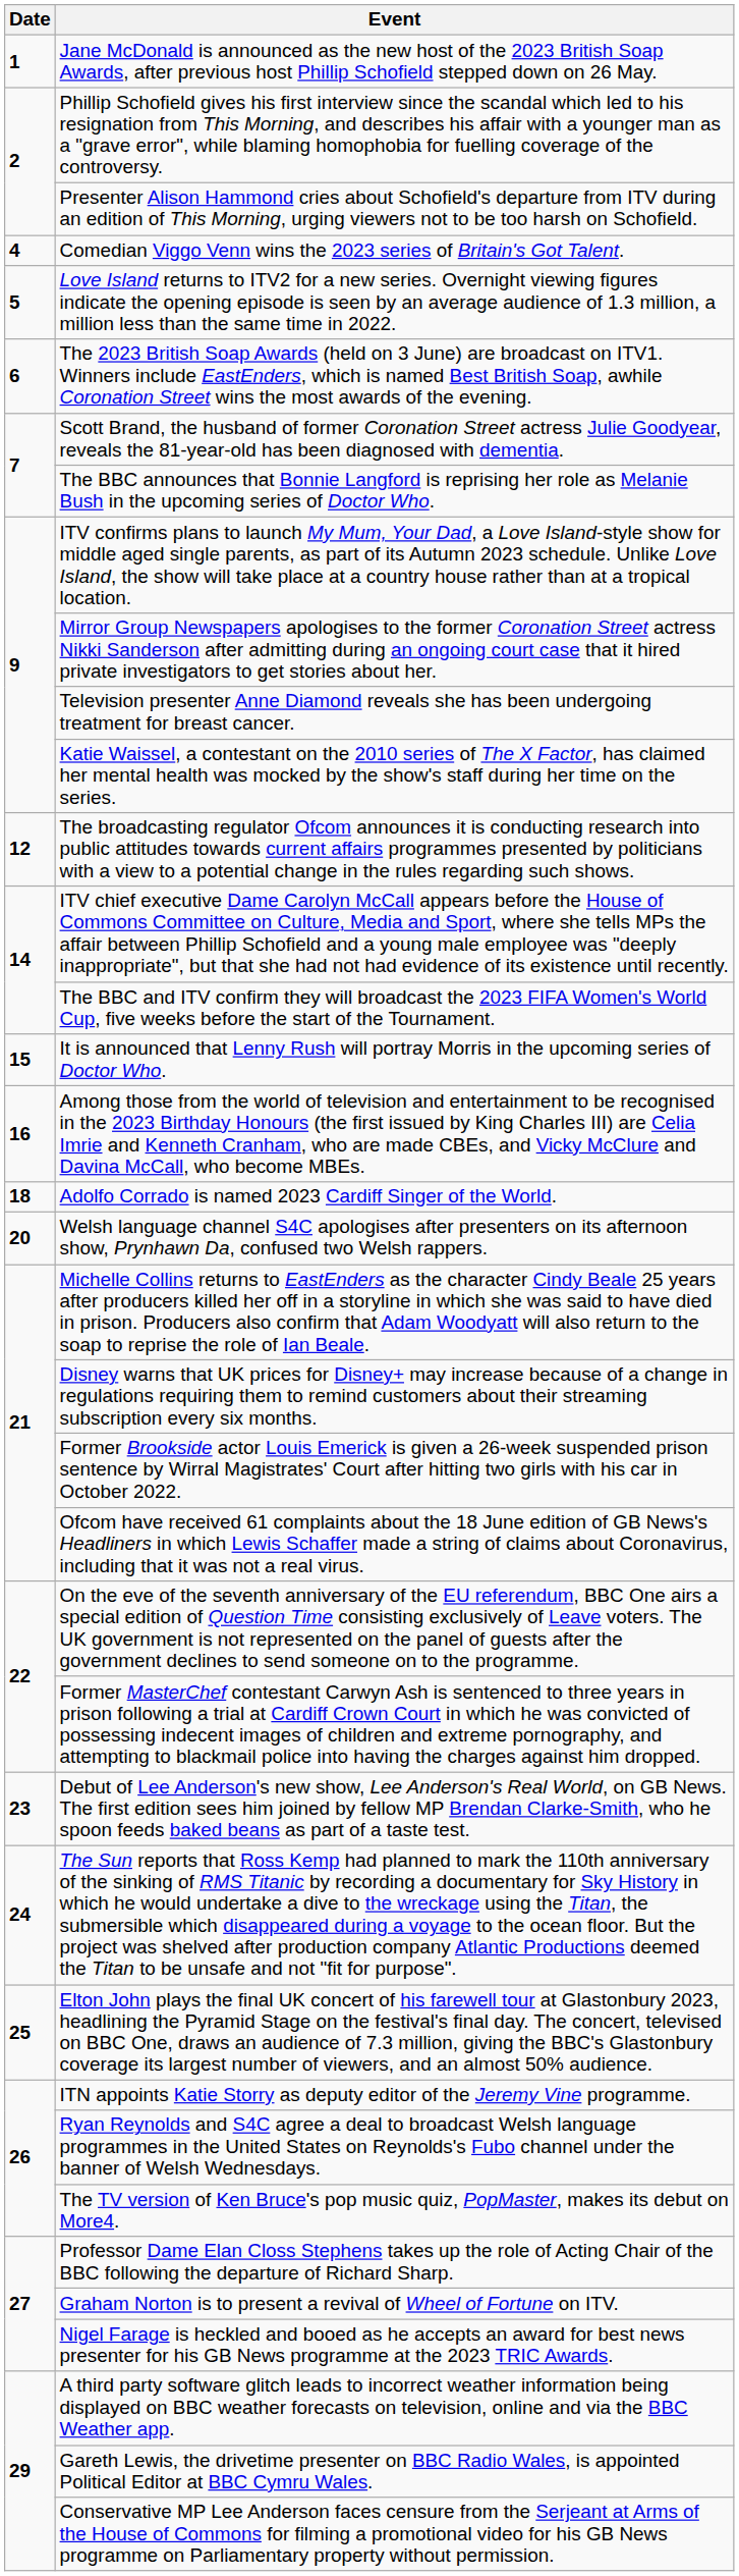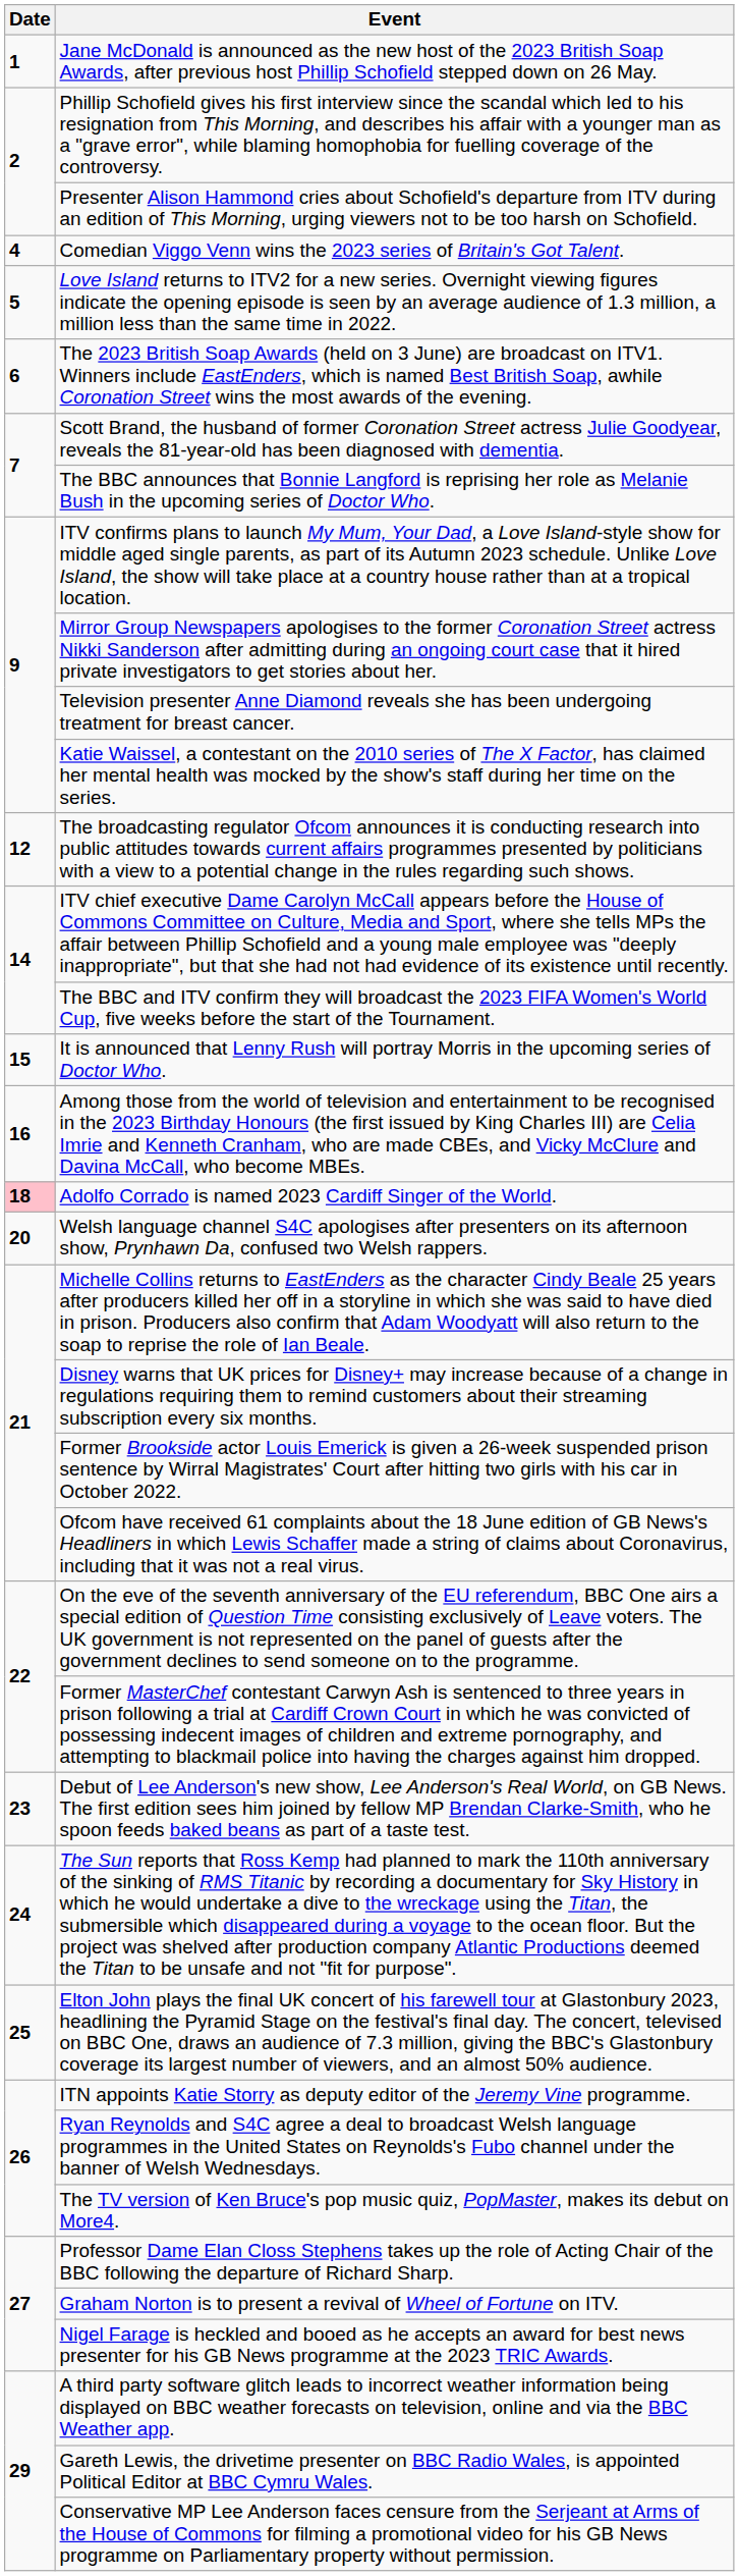 <table class="wikitable">
 <tr>
 <th>Date</th>
 <th>Event</th>
 </tr>
 <tr>
 <td><strong>1</strong></td>
 <td><a href='#'>Jane McDonald</a> is announced as the new host of the <a href='#'>2023 British Soap Awards</a>, after previous host <a href='#'>Phillip Schofield</a> stepped down on 26 May.</td>
 </tr>
 <tr>
 <td rowspan=2><strong>2</strong></td>
 <td>Phillip Schofield gives his first interview since the scandal which led to his resignation from <em>This Morning</em>, and describes his affair with a younger man as a "grave error", while blaming homophobia for fuelling coverage of the controversy.</td>
 </tr>
 <tr>
 <td>Presenter <a href='#'>Alison Hammond</a> cries about Schofield's departure from ITV during an edition of <em>This Morning</em>, urging viewers not to be too harsh on Schofield.</td>
 </tr>
 <tr>
 <td><strong>4</strong></td>
 <td>Comedian <a href='#'>Viggo Venn</a> wins the <a href='#'>2023 series</a> of <em><a href='#'>Britain's Got Talent</a></em>.</td>
 </tr>
 <tr>
 <td><strong>5</strong></td>
 <td><em><a href='#'>Love Island</a></em> returns to ITV2 for a new series. Overnight viewing figures indicate the opening episode is seen by an average audience of 1.3 million, a million less than the same time in 2022.</td>
 </tr>
 <tr>
 <td><strong>6</strong></td>
 <td>The <a href='#'>2023 British Soap Awards</a> (held on 3 June) are broadcast on ITV1. Winners include <em><a href='#'>EastEnders</a></em>, which is named <a href='#'>Best British Soap</a>, awhile <em><a href='#'>Coronation Street</a></em> wins the most awards of the evening.</td>
 </tr>
 <tr>
 <td rowspan=2><strong>7</strong></td>
 <td>Scott Brand, the husband of former <em>Coronation Street</em> actress <a href='#'>Julie Goodyear</a>, reveals the 81-year-old has been diagnosed with <a href='#'>dementia</a>.</td>
 </tr>
 <tr>
 <td>The BBC announces that <a href='#'>Bonnie Langford</a> is reprising her role as <a href='#'>Melanie Bush</a> in the upcoming series of <em><a href='#'>Doctor Who</a></em>.</td>
 </tr>
 <tr>
 <td rowspan=4><strong>9</strong></td>
 <td>ITV confirms plans to launch <em><a href='#'>My Mum, Your Dad</a></em>, a <em>Love Island</em>-style show for middle aged single parents, as part of its Autumn 2023 schedule. Unlike <em>Love Island</em>, the show will take place at a country house rather than at a tropical location.</td>
 </tr>
 <tr>
 <td><a href='#'>Mirror Group Newspapers</a> apologises to the former <em><a href='#'>Coronation Street</a></em> actress <a href='#'>Nikki Sanderson</a> after admitting during <a href='#'>an ongoing court case</a> that it hired private investigators to get stories about her.</td>
 </tr>
 <tr>
 <td>Television presenter <a href='#'>Anne Diamond</a> reveals she has been undergoing treatment for breast cancer.</td>
 </tr>
 <tr>
 <td><a href='#'>Katie Waissel</a>, a contestant on the <a href='#'>2010 series</a> of <em><a href='#'>The X Factor</a></em>, has claimed her mental health was mocked by the show's staff during her time on the series.</td>
 </tr>
 <tr>
 <td><strong>12</strong></td>
 <td>The broadcasting regulator <a href='#'>Ofcom</a> announces it is conducting research into public attitudes towards <a href='#'>current affairs</a> programmes presented by politicians with a view to a potential change in the rules regarding such shows.</td>
 </tr>
 <tr>
 <td rowspan=2><strong>14</strong></td>
 <td>ITV chief executive <a href='#'>Dame Carolyn McCall</a> appears before the <a href='#'>House of Commons Committee on Culture, Media and Sport</a>, where she tells MPs the affair between Phillip Schofield and a young male employee was "deeply inappropriate", but that she had not had evidence of its existence until recently.</td>
 </tr>
 <tr>
 <td>The BBC and ITV confirm they will broadcast the <a href='#'>2023 FIFA Women's World Cup</a>, five weeks before the start of the Tournament.</td>
 </tr>
 <tr>
 <td><strong>15</strong></td>
 <td>It is announced that <a href='#'>Lenny Rush</a> will portray Morris in the upcoming series of <em><a href='#'>Doctor Who</a></em>.</td>
 </tr>
 <tr>
 <td><strong>16</strong></td>
 <td>Among those from the world of television and entertainment to be recognised in the <a href='#'>2023 Birthday Honours</a> (the first issued by King Charles III) are <a href='#'>Celia Imrie</a> and <a href='#'>Kenneth Cranham</a>, who are made CBEs, and <a href='#'>Vicky McClure</a> and <a href='#'>Davina McCall</a>, who become MBEs.</td>
 </tr>
 <tr>
-<td><strong>18</strong></td>
+<td style="background: pink;"><strong>18</strong></td>
 <td><a href='#'>Adolfo Corrado</a> is named 2023 <a href='#'>Cardiff Singer of the World</a>.</td>
 </tr>
 <tr>
 <td><strong>20</strong></td>
 <td>Welsh language channel <a href='#'>S4C</a> apologises after presenters on its afternoon show, <em>Prynhawn Da</em>, confused two Welsh rappers.</td>
 </tr>
 <tr>
 <td rowspan=4><strong>21</strong></td>
 <td><a href='#'>Michelle Collins</a> returns to <em><a href='#'>EastEnders</a></em> as the character <a href='#'>Cindy Beale</a> 25 years after producers killed her off in a storyline in which she was said to have died in prison. Producers also confirm that <a href='#'>Adam Woodyatt</a> will also return to the soap to reprise the role of <a href='#'>Ian Beale</a>.</td>
 </tr>
 <tr>
 <td><a href='#'>Disney</a> warns that UK prices for <a href='#'>Disney+</a> may increase because of a change in regulations requiring them to remind customers about their streaming subscription every six months.</td>
 </tr>
 <tr>
 <td>Former <em><a href='#'>Brookside</a></em> actor <a href='#'>Louis Emerick</a> is given a 26-week suspended prison sentence by Wirral Magistrates' Court after hitting two girls with his car in October 2022.</td>
 </tr>
 <tr>
 <td>Ofcom have received 61 complaints about the 18 June edition of GB News's <em>Headliners</em> in which <a href='#'>Lewis Schaffer</a> made a string of claims about Coronavirus, including that it was not a real virus.</td>
 </tr>
 <tr>
 <td rowspan=2><strong>22</strong></td>
 <td>On the eve of the seventh anniversary of the <a href='#'>EU referendum</a>, BBC One airs a special edition of <em><a href='#'>Question Time</a></em> consisting exclusively of <a href='#'>Leave</a> voters. The UK government is not represented on the panel of guests after the government declines to send someone on to the programme.</td>
 </tr>
 <tr>
 <td>Former <em><a href='#'>MasterChef</a></em> contestant Carwyn Ash is sentenced to three years in prison following a trial at <a href='#'>Cardiff Crown Court</a> in which he was convicted of possessing indecent images of children and extreme pornography, and attempting to blackmail police into having the charges against him dropped.</td>
 </tr>
 <tr>
 <td><strong>23</strong></td>
 <td>Debut of <a href='#'>Lee Anderson</a>'s new show, <em>Lee Anderson's Real World</em>, on GB News. The first edition sees him joined by fellow MP <a href='#'>Brendan Clarke-Smith</a>, who he spoon feeds <a href='#'>baked beans</a> as part of a taste test.</td>
 </tr>
 <tr>
 <td><strong>24</strong></td>
 <td><em><a href='#'>The Sun</a></em> reports that <a href='#'>Ross Kemp</a> had planned to mark the 110th anniversary of the sinking of <em><a href='#'>RMS Titanic</a></em> by recording a documentary for <a href='#'>Sky History</a> in which he would undertake a dive to <a href='#'>the wreckage</a> using the <em><a href='#'>Titan</a></em>, the submersible which <a href='#'>disappeared during a voyage</a> to the ocean floor. But the project was shelved after production company <a href='#'>Atlantic Productions</a> deemed the <em>Titan</em> to be unsafe and not "fit for purpose".</td>
 </tr>
 <tr>
 <td><strong>25</strong></td>
 <td><a href='#'>Elton John</a> plays the final UK concert of <a href='#'>his farewell tour</a> at Glastonbury 2023, headlining the Pyramid Stage on the festival's final day. The concert, televised on BBC One, draws an audience of 7.3 million, giving the BBC's Glastonbury coverage its largest number of viewers, and an almost 50% audience.</td>
 </tr>
 <tr>
 <td rowspan=3><strong>26</strong></td>
 <td>ITN appoints <a href='#'>Katie Storry</a> as deputy editor of the <em><a href='#'>Jeremy Vine</a></em> programme.</td>
 </tr>
 <tr>
 <td><a href='#'>Ryan Reynolds</a> and <a href='#'>S4C</a> agree a deal to broadcast Welsh language programmes in the United States on Reynolds's <a href='#'>Fubo</a> channel under the banner of Welsh Wednesdays.</td>
 </tr>
 <tr>
 <td>The <a href='#'>TV version</a> of <a href='#'>Ken Bruce</a>'s pop music quiz, <em><a href='#'>PopMaster</a></em>, makes its debut on <a href='#'>More4</a>.</td>
 </tr>
 <tr>
 <td rowspan=3><strong>27</strong></td>
 <td>Professor <a href='#'>Dame Elan Closs Stephens</a> takes up the role of Acting Chair of the BBC following the departure of Richard Sharp.</td>
 </tr>
 <tr>
 <td><a href='#'>Graham Norton</a> is to present a revival of <em><a href='#'>Wheel of Fortune</a></em> on ITV.</td>
 </tr>
 <tr>
 <td><a href='#'>Nigel Farage</a> is heckled and booed as he accepts an award for best news presenter for his GB News programme at the 2023 <a href='#'>TRIC Awards</a>.</td>
 </tr>
 <tr>
 <td rowspan=3><strong>29</strong></td>
 <td>A third party software glitch leads to incorrect weather information being displayed on BBC weather forecasts on television, online and via the <a href='#'>BBC Weather app</a>.</td>
 </tr>
 <tr>
 <td>Gareth Lewis, the drivetime presenter on <a href='#'>BBC Radio Wales</a>, is appointed Political Editor at <a href='#'>BBC Cymru Wales</a>.</td>
 </tr>
 <tr>
 <td>Conservative MP Lee Anderson faces censure from the <a href='#'>Serjeant at Arms of the House of Commons</a> for filming a promotional video for his GB News programme on Parliamentary property without permission.</td>
 </tr>
 </table>
